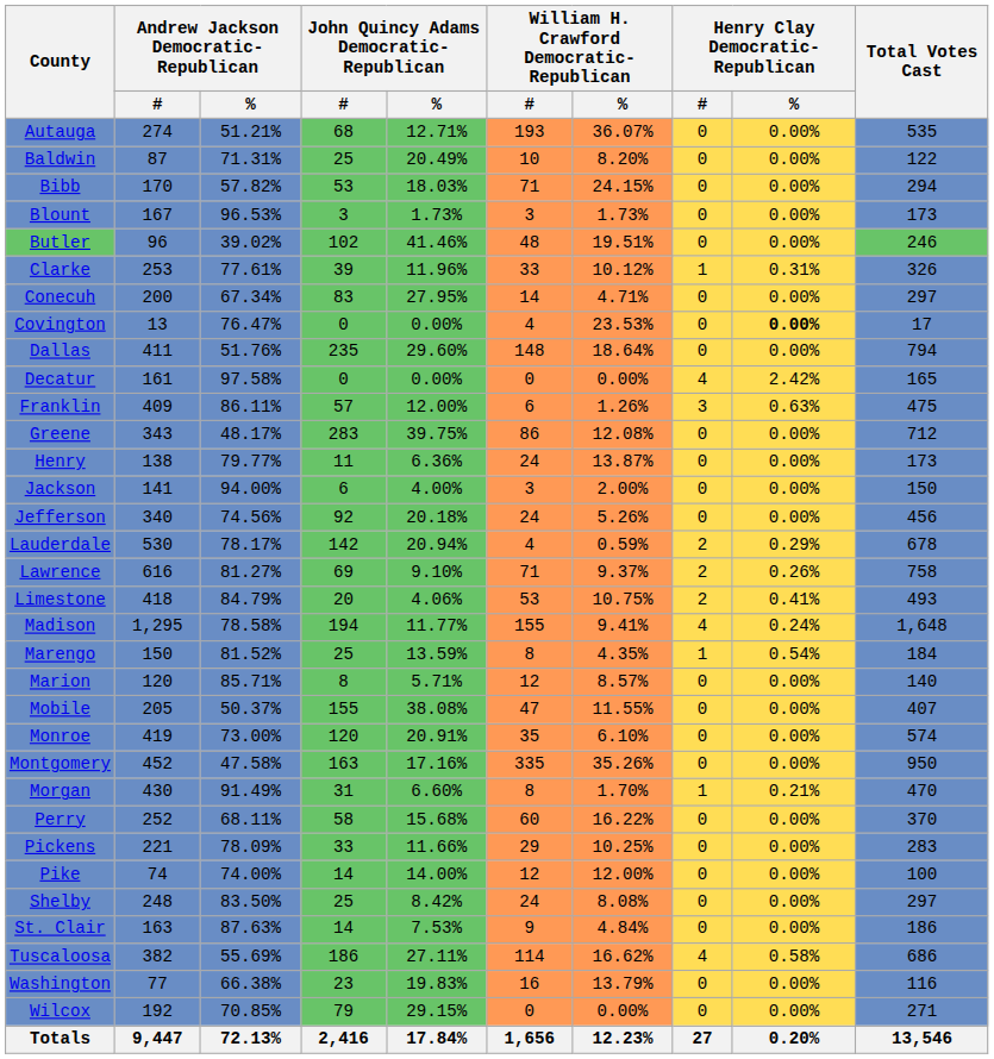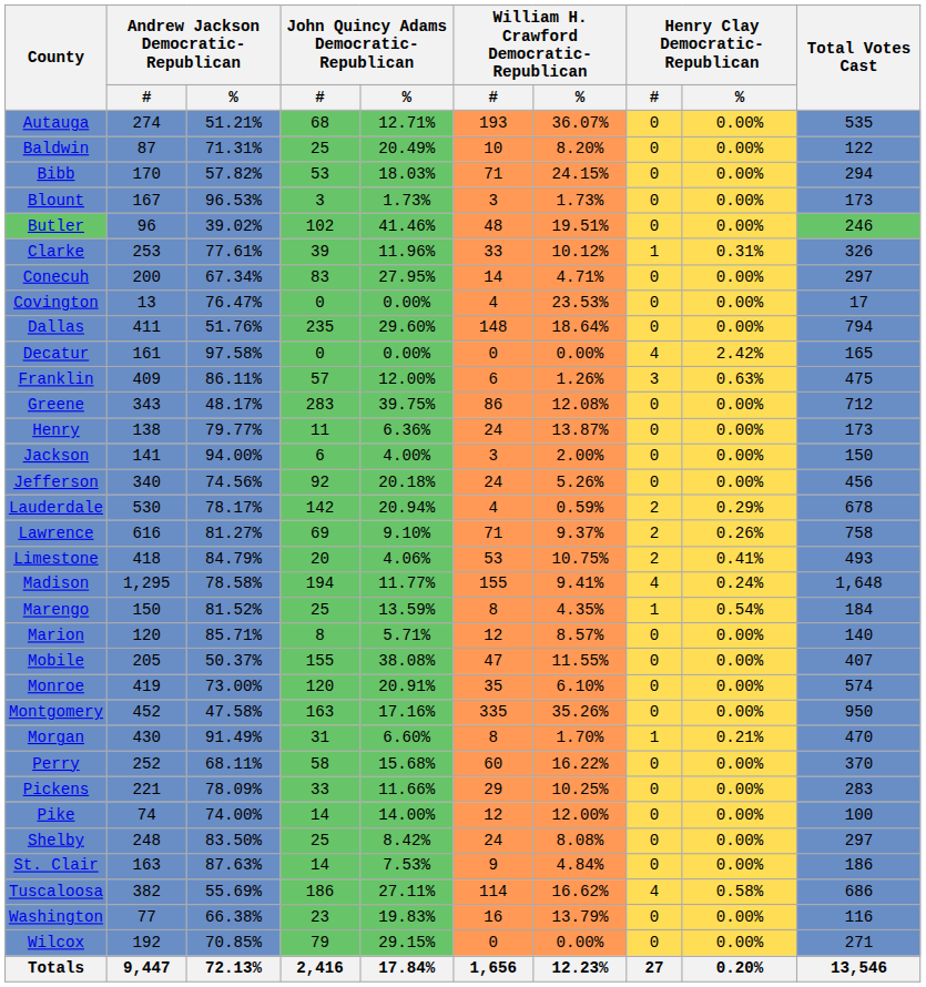 <table class="wikitable sortable" width="60%">
 <tr>
 <th rowspan="2">County</th>
 <th colspan="2">Andrew Jackson<br>Democratic-Republican</th>
 <th colspan="2">John Quincy Adams<br>Democratic-Republican</th>
 <th colspan="2">William H. Crawford<br>Democratic-Republican</th>
 <th colspan="2">Henry Clay<br>Democratic-Republican</th>
 <th rowspan="2">Total Votes Cast</th>
 </tr>
 <tr>
 <th data-sort-type="number" style="text-align:center;">#</th>
 <th data-sort-type="number" style="text-align:center;">%</th>
 <th data-sort-type="number" style="text-align:center;">#</th>
 <th data-sort-type="number" style="text-align:center;">%</th>
 <th>#</th>
 <th>%</th>
 <th>#</th>
 <th>%</th>
 </tr>
 <tr style="text-align:center;">
 <td style="color:black; background:#698DC5;"><a href='#'>Autauga</a></td>
 <td style="color:black; background:#698DC5;">274</td>
 <td style="color:black; background:#698DC5;">51.21%</td>
 <td style="color:black; background:#68C468;">68</td>
 <td style="color:black; background:#68C468;">12.71%</td>
 <td style="color:black; background:#FF9955;">193</td>
 <td style="color:black; background:#FF9955;">36.07%</td>
 <td style="color:black; background:#FFDD55;">0</td>
 <td style="color:black; background:#FFDD55;">0.00%</td>
 <td style="color:black; background:#698DC5;">535</td>
 </tr>
 <tr style="text-align:center;">
 <td style="color:black; background:#698DC5;"><a href='#'>Baldwin</a></td>
 <td style="color:black; background:#698DC5;">87</td>
 <td style="color:black; background:#698DC5;">71.31%</td>
 <td style="color:black; background:#68C468;">25</td>
 <td style="color:black; background:#68C468;">20.49%</td>
 <td style="color:black; background:#FF9955;">10</td>
 <td style="color:black; background:#FF9955;">8.20%</td>
 <td style="color:black; background:#FFDD55;">0</td>
 <td style="color:black; background:#FFDD55;">0.00%</td>
 <td style="color:black; background:#698DC5;">122</td>
 </tr>
 <tr style="text-align:center;">
 <td style="color:black; background:#698DC5;"><a href='#'>Bibb</a></td>
 <td style="color:black; background:#698DC5;">170</td>
 <td style="color:black; background:#698DC5;">57.82%</td>
 <td style="color:black; background:#68C468;">53</td>
 <td style="color:black; background:#68C468;">18.03%</td>
 <td style="color:black; background:#FF9955;">71</td>
 <td style="color:black; background:#FF9955;">24.15%</td>
 <td style="color:black; background:#FFDD55;">0</td>
 <td style="color:black; background:#FFDD55;">0.00%</td>
 <td style="color:black; background:#698DC5;">294</td>
 </tr>
 <tr style="text-align:center;">
 <td style="color:black; background:#698DC5;"><a href='#'>Blount</a></td>
 <td style="color:black; background:#698DC5;">167</td>
 <td style="color:black; background:#698DC5;">96.53%</td>
 <td style="color:black; background:#68C468;">3</td>
 <td style="color:black; background:#68C468;">1.73%</td>
 <td style="color:black; background:#FF9955;">3</td>
 <td style="color:black; background:#FF9955;">1.73%</td>
 <td style="color:black; background:#FFDD55;">0</td>
 <td style="color:black; background:#FFDD55;">0.00%</td>
 <td style="color:black; background:#698DC5;">173</td>
 </tr>
 <tr style="text-align:center;">
 <td style="color:black; background:#68C468;"><a href='#'>Butler</a></td>
 <td style="color:black; background:#698DC5;">96</td>
 <td style="color:black; background:#698DC5;">39.02%</td>
 <td style="color:black; background:#68C468;">102</td>
 <td style="color:black; background:#68C468;">41.46%</td>
 <td style="color:black; background:#FF9955;">48</td>
 <td style="color:black; background:#FF9955;">19.51%</td>
 <td style="color:black; background:#FFDD55;">0</td>
 <td style="color:black; background:#FFDD55;">0.00%</td>
 <td style="color:black; background:#68C468;">246</td>
 </tr>
 <tr style="text-align:center;">
 <td style="color:black; background:#698DC5;"><a href='#'>Clarke</a></td>
 <td style="color:black; background:#698DC5;">253</td>
 <td style="color:black; background:#698DC5;">77.61%</td>
 <td style="color:black; background:#68C468;">39</td>
 <td style="color:black; background:#68C468;">11.96%</td>
 <td style="color:black; background:#FF9955;">33</td>
 <td style="color:black; background:#FF9955;">10.12%</td>
 <td style="color:black; background:#FFDD55;">1</td>
 <td style="color:black; background:#FFDD55;">0.31%</td>
 <td style="color:black; background:#698DC5;">326</td>
 </tr>
 <tr style="text-align:center;">
 <td style="color:black; background:#698DC5;"><a href='#'>Conecuh</a></td>
 <td style="color:black; background:#698DC5;">200</td>
 <td style="color:black; background:#698DC5;">67.34%</td>
 <td style="color:black; background:#68C468;">83</td>
 <td style="color:black; background:#68C468;">27.95%</td>
 <td style="color:black; background:#FF9955;">14</td>
 <td style="color:black; background:#FF9955;">4.71%</td>
 <td style="color:black; background:#FFDD55;">0</td>
 <td style="color:black; background:#FFDD55;">0.00%</td>
 <td style="color:black; background:#698DC5;">297</td>
 </tr>
 <tr style="text-align:center;">
 <td style="color:black; background:#698DC5;"><a href='#'>Covington</a></td>
 <td style="color:black; background:#698DC5;">13</td>
 <td style="color:black; background:#698DC5;">76.47%</td>
 <td style="color:black; background:#68C468;">0</td>
 <td style="color:black; background:#68C468;">0.00%</td>
 <td style="color:black; background:#FF9955;">4</td>
 <td style="color:black; background:#FF9955;">23.53%</td>
 <td style="color:black; background:#FFDD55;">0</td>
-<td style="color:black; background:#FFDD55;"><strong>0.00%</strong></td>
+<td style="color:black; background:#FFDD55;">0.00%</td>
 <td style="color:black; background:#698DC5;">17</td>
 </tr>
 <tr style="text-align:center;">
 <td style="color:black; background:#698DC5;"><a href='#'>Dallas</a></td>
 <td style="color:black; background:#698DC5;">411</td>
 <td style="color:black; background:#698DC5;">51.76%</td>
 <td style="color:black; background:#68C468;">235</td>
 <td style="color:black; background:#68C468;">29.60%</td>
 <td style="color:black; background:#FF9955;">148</td>
 <td style="color:black; background:#FF9955;">18.64%</td>
 <td style="color:black; background:#FFDD55;">0</td>
 <td style="color:black; background:#FFDD55;">0.00%</td>
 <td style="color:black; background:#698DC5;">794</td>
 </tr>
 <tr style="text-align:center;">
 <td style="color:black; background:#698DC5;"><a href='#'>Decatur</a></td>
 <td style="color:black; background:#698DC5;">161</td>
 <td style="color:black; background:#698DC5;">97.58%</td>
 <td style="color:black; background:#68C468;">0</td>
 <td style="color:black; background:#68C468;">0.00%</td>
 <td style="color:black; background:#FF9955;">0</td>
 <td style="color:black; background:#FF9955;">0.00%</td>
 <td style="color:black; background:#FFDD55;">4</td>
 <td style="color:black; background:#FFDD55;">2.42%</td>
 <td style="color:black; background:#698DC5;">165</td>
 </tr>
 <tr style="text-align:center;">
 <td style="color:black; background:#698DC5;"><a href='#'>Franklin</a></td>
 <td style="color:black; background:#698DC5;">409</td>
 <td style="color:black; background:#698DC5;">86.11%</td>
 <td style="color:black; background:#68C468;">57</td>
 <td style="color:black; background:#68C468;">12.00%</td>
 <td style="color:black; background:#FF9955;">6</td>
 <td style="color:black; background:#FF9955;">1.26%</td>
 <td style="color:black; background:#FFDD55;">3</td>
 <td style="color:black; background:#FFDD55;">0.63%</td>
 <td style="color:black; background:#698DC5;">475</td>
 </tr>
 <tr style="text-align:center;">
 <td style="color:black; background:#698DC5;"><a href='#'>Greene</a></td>
 <td style="color:black; background:#698DC5;">343</td>
 <td style="color:black; background:#698DC5;">48.17%</td>
 <td style="color:black; background:#68C468;">283</td>
 <td style="color:black; background:#68C468;">39.75%</td>
 <td style="color:black; background:#FF9955;">86</td>
 <td style="color:black; background:#FF9955;">12.08%</td>
 <td style="color:black; background:#FFDD55;">0</td>
 <td style="color:black; background:#FFDD55;">0.00%</td>
 <td style="color:black; background:#698DC5;">712</td>
 </tr>
 <tr style="text-align:center;">
 <td style="color:black; background:#698DC5;"><a href='#'>Henry</a></td>
 <td style="color:black; background:#698DC5;">138</td>
 <td style="color:black; background:#698DC5;">79.77%</td>
 <td style="color:black; background:#68C468;">11</td>
 <td style="color:black; background:#68C468;">6.36%</td>
 <td style="color:black; background:#FF9955;">24</td>
 <td style="color:black; background:#FF9955;">13.87%</td>
 <td style="color:black; background:#FFDD55;">0</td>
 <td style="color:black; background:#FFDD55;">0.00%</td>
 <td style="color:black; background:#698DC5;">173</td>
 </tr>
 <tr style="text-align:center;">
 <td style="color:black; background:#698DC5;"><a href='#'>Jackson</a></td>
 <td style="color:black; background:#698DC5;">141</td>
 <td style="color:black; background:#698DC5;">94.00%</td>
 <td style="color:black; background:#68C468;">6</td>
 <td style="color:black; background:#68C468;">4.00%</td>
 <td style="color:black; background:#FF9955;">3</td>
 <td style="color:black; background:#FF9955;">2.00%</td>
 <td style="color:black; background:#FFDD55;">0</td>
 <td style="color:black; background:#FFDD55;">0.00%</td>
 <td style="color:black; background:#698DC5;">150</td>
 </tr>
 <tr style="text-align:center;">
 <td style="color:black; background:#698DC5;"><a href='#'>Jefferson</a></td>
 <td style="color:black; background:#698DC5;">340</td>
 <td style="color:black; background:#698DC5;">74.56%</td>
 <td style="color:black; background:#68C468;">92</td>
 <td style="color:black; background:#68C468;">20.18%</td>
 <td style="color:black; background:#FF9955;">24</td>
 <td style="color:black; background:#FF9955;">5.26%</td>
 <td style="color:black; background:#FFDD55;">0</td>
 <td style="color:black; background:#FFDD55;">0.00%</td>
 <td style="color:black; background:#698DC5;">456</td>
 </tr>
 <tr style="text-align:center;">
 <td style="color:black; background:#698DC5;"><a href='#'>Lauderdale</a></td>
 <td style="color:black; background:#698DC5;">530</td>
 <td style="color:black; background:#698DC5;">78.17%</td>
 <td style="color:black; background:#68C468;">142</td>
 <td style="color:black; background:#68C468;">20.94%</td>
 <td style="color:black; background:#FF9955;">4</td>
 <td style="color:black; background:#FF9955;">0.59%</td>
 <td style="color:black; background:#FFDD55;">2</td>
 <td style="color:black; background:#FFDD55;">0.29%</td>
 <td style="color:black; background:#698DC5;">678</td>
 </tr>
 <tr style="text-align:center;">
 <td style="color:black; background:#698DC5;"><a href='#'>Lawrence</a></td>
 <td style="color:black; background:#698DC5;">616</td>
 <td style="color:black; background:#698DC5;">81.27%</td>
 <td style="color:black; background:#68C468;">69</td>
 <td style="color:black; background:#68C468;">9.10%</td>
 <td style="color:black; background:#FF9955;">71</td>
 <td style="color:black; background:#FF9955;">9.37%</td>
 <td style="color:black; background:#FFDD55;">2</td>
 <td style="color:black; background:#FFDD55;">0.26%</td>
 <td style="color:black; background:#698DC5;">758</td>
 </tr>
 <tr style="text-align:center;">
 <td style="color:black; background:#698DC5;"><a href='#'>Limestone</a></td>
 <td style="color:black; background:#698DC5;">418</td>
 <td style="color:black; background:#698DC5;">84.79%</td>
 <td style="color:black; background:#68C468;">20</td>
 <td style="color:black; background:#68C468;">4.06%</td>
 <td style="color:black; background:#FF9955;">53</td>
 <td style="color:black; background:#FF9955;">10.75%</td>
 <td style="color:black; background:#FFDD55;">2</td>
 <td style="color:black; background:#FFDD55;">0.41%</td>
 <td style="color:black; background:#698DC5;">493</td>
 </tr>
 <tr style="text-align:center;">
 <td style="color:black; background:#698DC5;"><a href='#'>Madison</a></td>
 <td style="color:black; background:#698DC5;">1,295</td>
 <td style="color:black; background:#698DC5;">78.58%</td>
 <td style="color:black; background:#68C468;">194</td>
 <td style="color:black; background:#68C468;">11.77%</td>
 <td style="color:black; background:#FF9955;">155</td>
 <td style="color:black; background:#FF9955;">9.41%</td>
 <td style="color:black; background:#FFDD55;">4</td>
 <td style="color:black; background:#FFDD55;">0.24%</td>
 <td style="color:black; background:#698DC5;">1,648</td>
 </tr>
 <tr style="text-align:center;">
 <td style="color:black; background:#698DC5;"><a href='#'>Marengo</a></td>
 <td style="color:black; background:#698DC5;">150</td>
 <td style="color:black; background:#698DC5;">81.52%</td>
 <td style="color:black; background:#68C468;">25</td>
 <td style="color:black; background:#68C468;">13.59%</td>
 <td style="color:black; background:#FF9955;">8</td>
 <td style="color:black; background:#FF9955;">4.35%</td>
 <td style="color:black; background:#FFDD55;">1</td>
 <td style="color:black; background:#FFDD55;">0.54%</td>
 <td style="color:black; background:#698DC5;">184</td>
 </tr>
 <tr style="text-align:center;">
 <td style="color:black; background:#698DC5;"><a href='#'>Marion</a></td>
 <td style="color:black; background:#698DC5;">120</td>
 <td style="color:black; background:#698DC5;">85.71%</td>
 <td style="color:black; background:#68C468;">8</td>
 <td style="color:black; background:#68C468;">5.71%</td>
 <td style="color:black; background:#FF9955;">12</td>
 <td style="color:black; background:#FF9955;">8.57%</td>
 <td style="color:black; background:#FFDD55;">0</td>
 <td style="color:black; background:#FFDD55;">0.00%</td>
 <td style="color:black; background:#698DC5;">140</td>
 </tr>
 <tr style="text-align:center;">
 <td style="color:black; background:#698DC5;"><a href='#'>Mobile</a></td>
 <td style="color:black; background:#698DC5;">205</td>
 <td style="color:black; background:#698DC5;">50.37%</td>
 <td style="color:black; background:#68C468;">155</td>
 <td style="color:black; background:#68C468;">38.08%</td>
 <td style="color:black; background:#FF9955;">47</td>
 <td style="color:black; background:#FF9955;">11.55%</td>
 <td style="color:black; background:#FFDD55;">0</td>
 <td style="color:black; background:#FFDD55;">0.00%</td>
 <td style="color:black; background:#698DC5;">407</td>
 </tr>
 <tr style="text-align:center;">
 <td style="color:black; background:#698DC5;"><a href='#'>Monroe</a></td>
 <td style="color:black; background:#698DC5;">419</td>
 <td style="color:black; background:#698DC5;">73.00%</td>
 <td style="color:black; background:#68C468;">120</td>
 <td style="color:black; background:#68C468;">20.91%</td>
 <td style="color:black; background:#FF9955;">35</td>
 <td style="color:black; background:#FF9955;">6.10%</td>
 <td style="color:black; background:#FFDD55;">0</td>
 <td style="color:black; background:#FFDD55;">0.00%</td>
 <td style="color:black; background:#698DC5;">574</td>
 </tr>
 <tr style="text-align:center;">
 <td style="color:black; background:#698DC5;"><a href='#'>Montgomery</a></td>
 <td style="color:black; background:#698DC5;">452</td>
 <td style="color:black; background:#698DC5;">47.58%</td>
 <td style="color:black; background:#68C468;">163</td>
 <td style="color:black; background:#68C468;">17.16%</td>
 <td style="color:black; background:#FF9955;">335</td>
 <td style="color:black; background:#FF9955;">35.26%</td>
 <td style="color:black; background:#FFDD55;">0</td>
 <td style="color:black; background:#FFDD55;">0.00%</td>
 <td style="color:black; background:#698DC5;">950</td>
 </tr>
 <tr style="text-align:center;">
 <td style="color:black; background:#698DC5;"><a href='#'>Morgan</a></td>
 <td style="color:black; background:#698DC5;">430</td>
 <td style="color:black; background:#698DC5;">91.49%</td>
 <td style="color:black; background:#68C468;">31</td>
 <td style="color:black; background:#68C468;">6.60%</td>
 <td style="color:black; background:#FF9955;">8</td>
 <td style="color:black; background:#FF9955;">1.70%</td>
 <td style="color:black; background:#FFDD55;">1</td>
 <td style="color:black; background:#FFDD55;">0.21%</td>
 <td style="color:black; background:#698DC5;">470</td>
 </tr>
 <tr style="text-align:center;">
 <td style="color:black; background:#698DC5;"><a href='#'>Perry</a></td>
 <td style="color:black; background:#698DC5;">252</td>
 <td style="color:black; background:#698DC5;">68.11%</td>
 <td style="color:black; background:#68C468;">58</td>
 <td style="color:black; background:#68C468;">15.68%</td>
 <td style="color:black; background:#FF9955;">60</td>
 <td style="color:black; background:#FF9955;">16.22%</td>
 <td style="color:black; background:#FFDD55;">0</td>
 <td style="color:black; background:#FFDD55;">0.00%</td>
 <td style="color:black; background:#698DC5;">370</td>
 </tr>
 <tr style="text-align:center;">
 <td style="color:black; background:#698DC5;"><a href='#'>Pickens</a></td>
 <td style="color:black; background:#698DC5;">221</td>
 <td style="color:black; background:#698DC5;">78.09%</td>
 <td style="color:black; background:#68C468;">33</td>
 <td style="color:black; background:#68C468;">11.66%</td>
 <td style="color:black; background:#FF9955;">29</td>
 <td style="color:black; background:#FF9955;">10.25%</td>
 <td style="color:black; background:#FFDD55;">0</td>
 <td style="color:black; background:#FFDD55;">0.00%</td>
 <td style="color:black; background:#698DC5;">283</td>
 </tr>
 <tr style="text-align:center;">
 <td style="color:black; background:#698DC5;"><a href='#'>Pike</a></td>
 <td style="color:black; background:#698DC5;">74</td>
 <td style="color:black; background:#698DC5;">74.00%</td>
 <td style="color:black; background:#68C468;">14</td>
 <td style="color:black; background:#68C468;">14.00%</td>
 <td style="color:black; background:#FF9955;">12</td>
 <td style="color:black; background:#FF9955;">12.00%</td>
 <td style="color:black; background:#FFDD55;">0</td>
 <td style="color:black; background:#FFDD55;">0.00%</td>
 <td style="color:black; background:#698DC5;">100</td>
 </tr>
 <tr style="text-align:center;">
 <td style="color:black; background:#698DC5;"><a href='#'>Shelby</a></td>
 <td style="color:black; background:#698DC5;">248</td>
 <td style="color:black; background:#698DC5;">83.50%</td>
 <td style="color:black; background:#68C468;">25</td>
 <td style="color:black; background:#68C468;">8.42%</td>
 <td style="color:black; background:#FF9955;">24</td>
 <td style="color:black; background:#FF9955;">8.08%</td>
 <td style="color:black; background:#FFDD55;">0</td>
 <td style="color:black; background:#FFDD55;">0.00%</td>
 <td style="color:black; background:#698DC5;">297</td>
 </tr>
 <tr style="text-align:center;">
 <td style="color:black; background:#698DC5;"><a href='#'>St. Clair</a></td>
 <td style="color:black; background:#698DC5;">163</td>
 <td style="color:black; background:#698DC5;">87.63%</td>
 <td style="color:black; background:#68C468;">14</td>
 <td style="color:black; background:#68C468;">7.53%</td>
 <td style="color:black; background:#FF9955;">9</td>
 <td style="color:black; background:#FF9955;">4.84%</td>
 <td style="color:black; background:#FFDD55;">0</td>
 <td style="color:black; background:#FFDD55;">0.00%</td>
 <td style="color:black; background:#698DC5;">186</td>
 </tr>
 <tr style="text-align:center;">
 <td style="color:black; background:#698DC5;"><a href='#'>Tuscaloosa</a></td>
 <td style="color:black; background:#698DC5;">382</td>
 <td style="color:black; background:#698DC5;">55.69%</td>
 <td style="color:black; background:#68C468;">186</td>
 <td style="color:black; background:#68C468;">27.11%</td>
 <td style="color:black; background:#FF9955;">114</td>
 <td style="color:black; background:#FF9955;">16.62%</td>
 <td style="color:black; background:#FFDD55;">4</td>
 <td style="color:black; background:#FFDD55;">0.58%</td>
 <td style="color:black; background:#698DC5;">686</td>
 </tr>
 <tr style="text-align:center;">
 <td style="color:black; background:#698DC5;"><a href='#'>Washington</a></td>
 <td style="color:black; background:#698DC5;">77</td>
 <td style="color:black; background:#698DC5;">66.38%</td>
 <td style="color:black; background:#68C468;">23</td>
 <td style="color:black; background:#68C468;">19.83%</td>
 <td style="color:black; background:#FF9955;">16</td>
 <td style="color:black; background:#FF9955;">13.79%</td>
 <td style="color:black; background:#FFDD55;">0</td>
 <td style="color:black; background:#FFDD55;">0.00%</td>
 <td style="color:black; background:#698DC5;">116</td>
 </tr>
 <tr style="text-align:center;">
 <td style="color:black; background:#698DC5;"><a href='#'>Wilcox</a></td>
 <td style="color:black; background:#698DC5;">192</td>
 <td style="color:black; background:#698DC5;">70.85%</td>
 <td style="color:black; background:#68C468;">79</td>
 <td style="color:black; background:#68C468;">29.15%</td>
 <td style="color:black; background:#FF9955;">0</td>
 <td style="color:black; background:#FF9955;">0.00%</td>
 <td style="color:black; background:#FFDD55;">0</td>
 <td style="color:black; background:#FFDD55;">0.00%</td>
 <td style="color:black; background:#698DC5;">271</td>
 </tr>
 <tr>
 <th>Totals</th>
 <th>9,447</th>
 <th>72.13%</th>
 <th>2,416</th>
 <th>17.84%</th>
 <th>1,656</th>
 <th>12.23%</th>
 <th>27</th>
 <th>0.20%</th>
 <th>13,546</th>
 </tr>
 </table>
